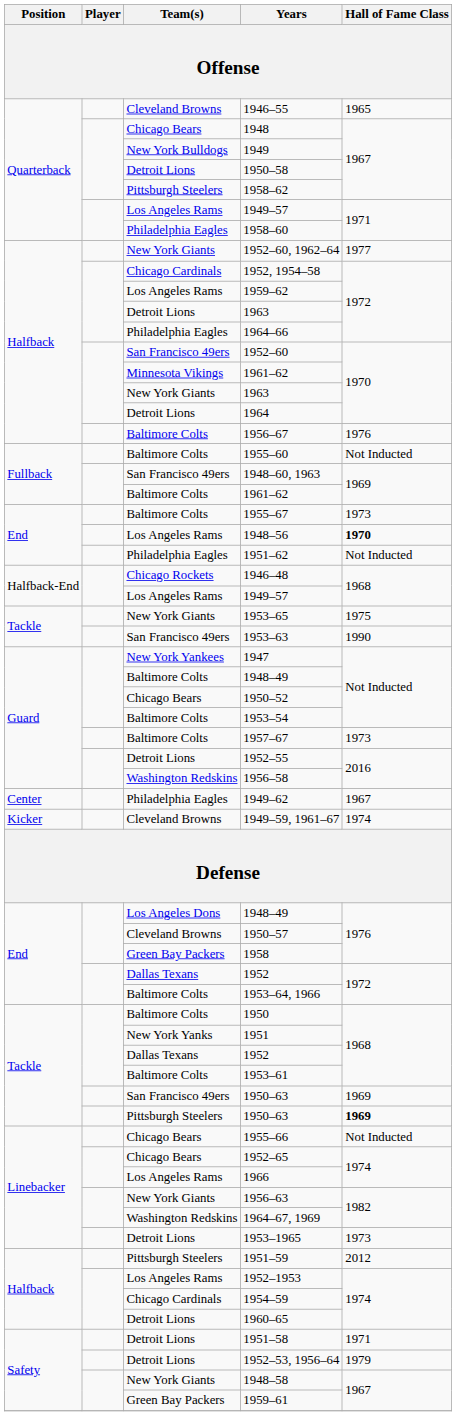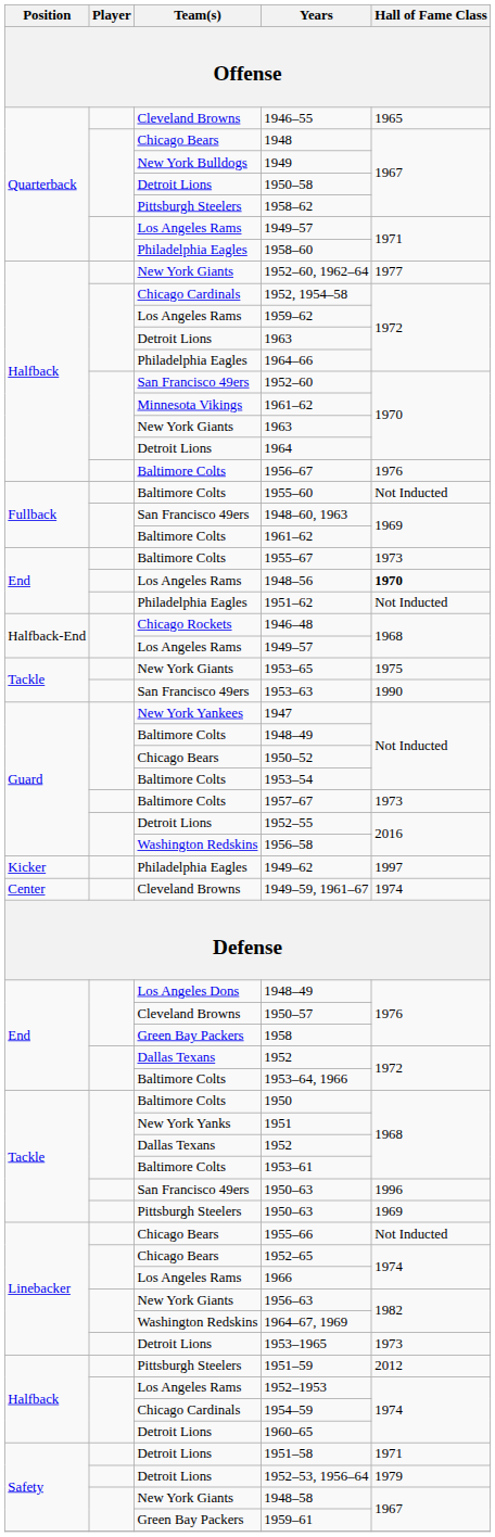 <table class="wikitable sortable">
 <tr>
 <th>Position</th>
 <th>Player</th>
 <th>Team(s)</th>
 <th>Years</th>
 <th>Hall of Fame Class</th>
 </tr>
 <tr>
 <th colspan="5"><br><h2>Offense</h2></th>
 </tr>
 <tr>
 <td rowspan=7><a href='#'>Quarterback</a></td>
 <td></td>
 <td><a href='#'>Cleveland Browns</a> </td>
 <td>1946–55</td>
 <td>1965</td>
 </tr>
 <tr>
 <td rowspan=4></td>
 <td><a href='#'>Chicago Bears</a></td>
 <td>1948</td>
 <td rowspan=4>1967</td>
 </tr>
 <tr>
 <td><a href='#'>New York Bulldogs</a></td>
 <td>1949</td>
 </tr>
 <tr>
 <td><a href='#'>Detroit Lions</a></td>
 <td>1950–58</td>
 </tr>
 <tr>
 <td><a href='#'>Pittsburgh Steelers</a></td>
 <td>1958–62</td>
 </tr>
 <tr>
 <td rowspan=2></td>
 <td><a href='#'>Los Angeles Rams</a></td>
 <td>1949–57</td>
 <td rowspan=2>1971</td>
 </tr>
 <tr>
 <td><a href='#'>Philadelphia Eagles</a></td>
 <td>1958–60</td>
 </tr>
 <tr>
 <td rowspan=10><a href='#'>Halfback</a></td>
 <td></td>
 <td><a href='#'>New York Giants</a></td>
 <td>1952–60, 1962–64</td>
 <td>1977</td>
 </tr>
 <tr>
 <td rowspan=4></td>
 <td><a href='#'>Chicago Cardinals</a></td>
 <td>1952, 1954–58</td>
 <td rowspan=4>1972</td>
 </tr>
 <tr>
 <td>Los Angeles Rams</td>
 <td>1959–62</td>
 </tr>
 <tr>
 <td>Detroit Lions</td>
 <td>1963</td>
 </tr>
 <tr>
 <td>Philadelphia Eagles</td>
 <td>1964–66</td>
 </tr>
 <tr>
 <td rowspan=4></td>
 <td><a href='#'>San Francisco 49ers</a></td>
 <td>1952–60</td>
 <td rowspan=4>1970</td>
 </tr>
 <tr>
 <td><a href='#'>Minnesota Vikings</a></td>
 <td>1961–62</td>
 </tr>
 <tr>
 <td>New York Giants</td>
 <td>1963</td>
 </tr>
 <tr>
 <td>Detroit Lions</td>
 <td>1964</td>
 </tr>
 <tr>
 <td></td>
 <td><a href='#'>Baltimore Colts</a></td>
 <td>1956–67</td>
 <td>1976</td>
 </tr>
 <tr>
 <td rowspan=3><a href='#'>Fullback</a></td>
 <td></td>
 <td>Baltimore Colts</td>
 <td>1955–60</td>
 <td>Not Inducted</td>
 </tr>
 <tr>
 <td rowspan=2></td>
 <td>San Francisco 49ers</td>
 <td>1948–60, 1963</td>
 <td rowspan=2>1969</td>
 </tr>
 <tr>
 <td>Baltimore Colts</td>
 <td>1961–62</td>
 </tr>
 <tr>
 <td rowspan=3><a href='#'>End</a></td>
 <td></td>
 <td>Baltimore Colts</td>
 <td>1955–67</td>
 <td>1973</td>
 </tr>
 <tr>
 <td></td>
 <td>Los Angeles Rams</td>
 <td>1948–56</td>
 <td><strong>1970</strong></td>
 </tr>
 <tr>
 <td></td>
 <td>Philadelphia Eagles</td>
 <td>1951–62</td>
 <td>Not Inducted</td>
 </tr>
 <tr>
 <td rowspan=2>Halfback-End</td>
 <td rowspan=2></td>
 <td><a href='#'>Chicago Rockets</a> </td>
 <td>1946–48</td>
 <td rowspan=2>1968</td>
 </tr>
 <tr>
 <td>Los Angeles Rams</td>
 <td>1949–57</td>
 </tr>
 <tr>
 <td rowspan=2><a href='#'>Tackle</a></td>
 <td></td>
 <td>New York Giants</td>
 <td>1953–65</td>
 <td>1975</td>
 </tr>
 <tr>
 <td></td>
 <td>San Francisco 49ers</td>
 <td>1953–63</td>
 <td>1990</td>
 </tr>
 <tr>
 <td rowspan=7><a href='#'>Guard</a></td>
 <td rowspan=4></td>
 <td><a href='#'>New York Yankees</a> </td>
 <td>1947</td>
 <td rowspan=4>Not Inducted</td>
 </tr>
 <tr>
 <td>Baltimore Colts</td>
 <td>1948–49</td>
 </tr>
 <tr>
 <td>Chicago Bears</td>
 <td>1950–52</td>
 </tr>
 <tr>
 <td>Baltimore Colts</td>
 <td>1953–54</td>
 </tr>
 <tr>
 <td></td>
 <td>Baltimore Colts</td>
 <td>1957–67</td>
 <td>1973</td>
 </tr>
 <tr>
 <td rowspan=2></td>
 <td>Detroit Lions</td>
 <td>1952–55</td>
 <td rowspan=2>2016</td>
 </tr>
 <tr>
 <td><a href='#'>Washington Redskins</a></td>
 <td>1956–58</td>
 </tr>
 <tr>
-<td><a href='#'>Center</a></td>
+<td><a href='#'>Kicker</a></td>
 <td></td>
 <td>Philadelphia Eagles</td>
 <td>1949–62</td>
-<td>1967</td>
+<td>1997</td>
 </tr>
 <tr>
-<td><a href='#'>Kicker</a></td>
+<td><a href='#'>Center</a></td>
 <td></td>
 <td>Cleveland Browns</td>
 <td>1949–59, 1961–67</td>
 <td>1974</td>
 </tr>
 <tr>
 <th colspan="5"><br><h2>Defense</h2></th>
 </tr>
 <tr>
 <td rowspan=5><a href='#'>End</a></td>
 <td rowspan=3></td>
 <td><a href='#'>Los Angeles Dons</a></td>
 <td>1948–49</td>
 <td rowspan=3>1976</td>
 </tr>
 <tr>
 <td>Cleveland Browns</td>
 <td>1950–57</td>
 </tr>
 <tr>
 <td><a href='#'>Green Bay Packers</a></td>
 <td>1958</td>
 </tr>
 <tr>
 <td rowspan=2></td>
 <td><a href='#'>Dallas Texans</a></td>
 <td>1952</td>
 <td rowspan=2>1972</td>
 </tr>
 <tr>
 <td>Baltimore Colts</td>
 <td>1953–64, 1966</td>
 </tr>
 <tr>
 <td rowspan=6><a href='#'>Tackle</a></td>
 <td rowspan=4></td>
 <td>Baltimore Colts</td>
 <td>1950</td>
 <td rowspan=4>1968</td>
 </tr>
 <tr>
 <td>New York Yanks</td>
 <td>1951</td>
 </tr>
 <tr>
 <td>Dallas Texans</td>
 <td>1952</td>
 </tr>
 <tr>
 <td>Baltimore Colts</td>
 <td>1953–61</td>
 </tr>
 <tr>
 <td></td>
 <td>San Francisco 49ers</td>
 <td>1950–63</td>
-<td>1969</td>
+<td>1996</td>
 </tr>
 <tr>
 <td></td>
 <td>Pittsburgh Steelers</td>
 <td>1950–63</td>
-<td><strong>1969</strong></td>
+<td>1969</td>
 </tr>
 <tr>
 <td rowspan=6><a href='#'>Linebacker</a></td>
 <td></td>
 <td>Chicago Bears</td>
 <td>1955–66</td>
 <td>Not Inducted</td>
 </tr>
 <tr>
 <td rowspan=2></td>
 <td>Chicago Bears</td>
 <td>1952–65</td>
 <td rowspan=2>1974</td>
 </tr>
 <tr>
 <td>Los Angeles Rams</td>
 <td>1966</td>
 </tr>
 <tr>
 <td rowspan=2></td>
 <td>New York Giants</td>
 <td>1956–63</td>
 <td rowspan=2>1982</td>
 </tr>
 <tr>
 <td>Washington Redskins</td>
 <td>1964–67, 1969</td>
 </tr>
 <tr>
 <td></td>
 <td>Detroit Lions</td>
 <td>1953–1965</td>
 <td>1973</td>
 </tr>
 <tr>
 <td rowspan=4><a href='#'>Halfback</a></td>
 <td></td>
 <td>Pittsburgh Steelers</td>
 <td>1951–59</td>
 <td>2012</td>
 </tr>
 <tr>
 <td rowspan=3></td>
 <td>Los Angeles Rams</td>
 <td>1952–1953</td>
 <td rowspan=3>1974</td>
 </tr>
 <tr>
 <td>Chicago Cardinals</td>
 <td>1954–59</td>
 </tr>
 <tr>
 <td>Detroit Lions</td>
 <td>1960–65</td>
 </tr>
 <tr>
 <td rowspan=4><a href='#'>Safety</a></td>
 <td></td>
 <td>Detroit Lions</td>
 <td>1951–58</td>
 <td>1971</td>
 </tr>
 <tr>
 <td></td>
 <td>Detroit Lions</td>
 <td>1952–53, 1956–64</td>
 <td>1979</td>
 </tr>
 <tr>
 <td rowspan=2></td>
 <td>New York Giants</td>
 <td>1948–58</td>
 <td rowspan=2>1967</td>
 </tr>
 <tr>
 <td>Green Bay Packers</td>
 <td>1959–61</td>
 </tr>
 <tr>
 </tr>
 </table>
